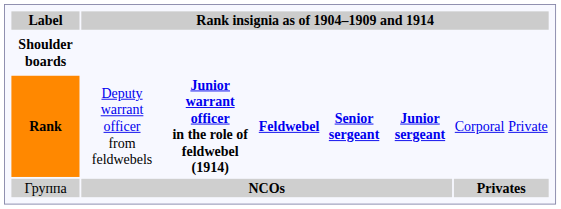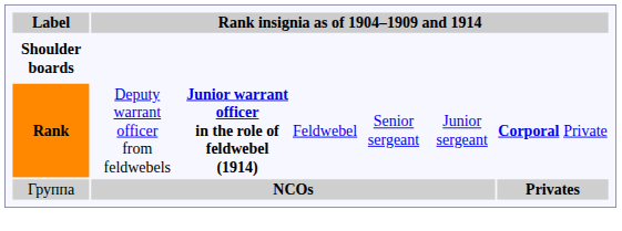 <table style="border:1px solid #8888aa; background-color:#f7f8ff; padding:5px; font-size:95%; margin: 12px 12px 12px 12px;">
 <tr bgcolor="#CCCCCC">
 <th>Label</th>
 <th colspan=9>Rank insignia as of 1904–1909 and 1914</th>
 </tr>
 <tr align="center">
 <th></th>
 <th rowspan=3></th>
 <th rowspan=3></th>
 <td rowspan=3></td>
 <td rowspan=3></td>
 <td rowspan=3></td>
 <td rowspan=3></td>
 <td rowspan=3></td>
 </tr>
 <tr align="center">
 <th rowspan=1>Shoulder boards</th>
 </tr>
 <tr align="center">
 <th></th>
 </tr>
 <tr align="center">
 <th style="background:#ff8800; color:black;">Rank</th>
 <td><a href='#'>Deputy warrant officer</a><br>from feldwebels</td>
 <td><strong><a href='#'>Junior warrant officer</a><br>in the role of feldwebel (1914)</strong></td>
-<td><strong><a href='#'>Feldwebel</a></strong></td>
-<td><strong><a href='#'>Senior sergeant</a></strong></td>
-<td><strong><a href='#'>Junior sergeant</a></strong></td>
-<td><a href='#'>Corporal</a></td>
+<td><a href='#'>Feldwebel</a></td>
+<td><a href='#'>Senior sergeant</a></td>
+<td><a href='#'>Junior sergeant</a></td>
+<td><strong><a href='#'>Corporal</a></strong></td>
 <td><a href='#'>Private</a></td>
 </tr>
 <tr align="center" style="background:#cfcfcf;">
 <td>Группа</td>
 <td colspan=5><strong>NCOs</strong></td>
 <td colspan=2><strong>Privates </strong></td>
 </tr>
 </table>
